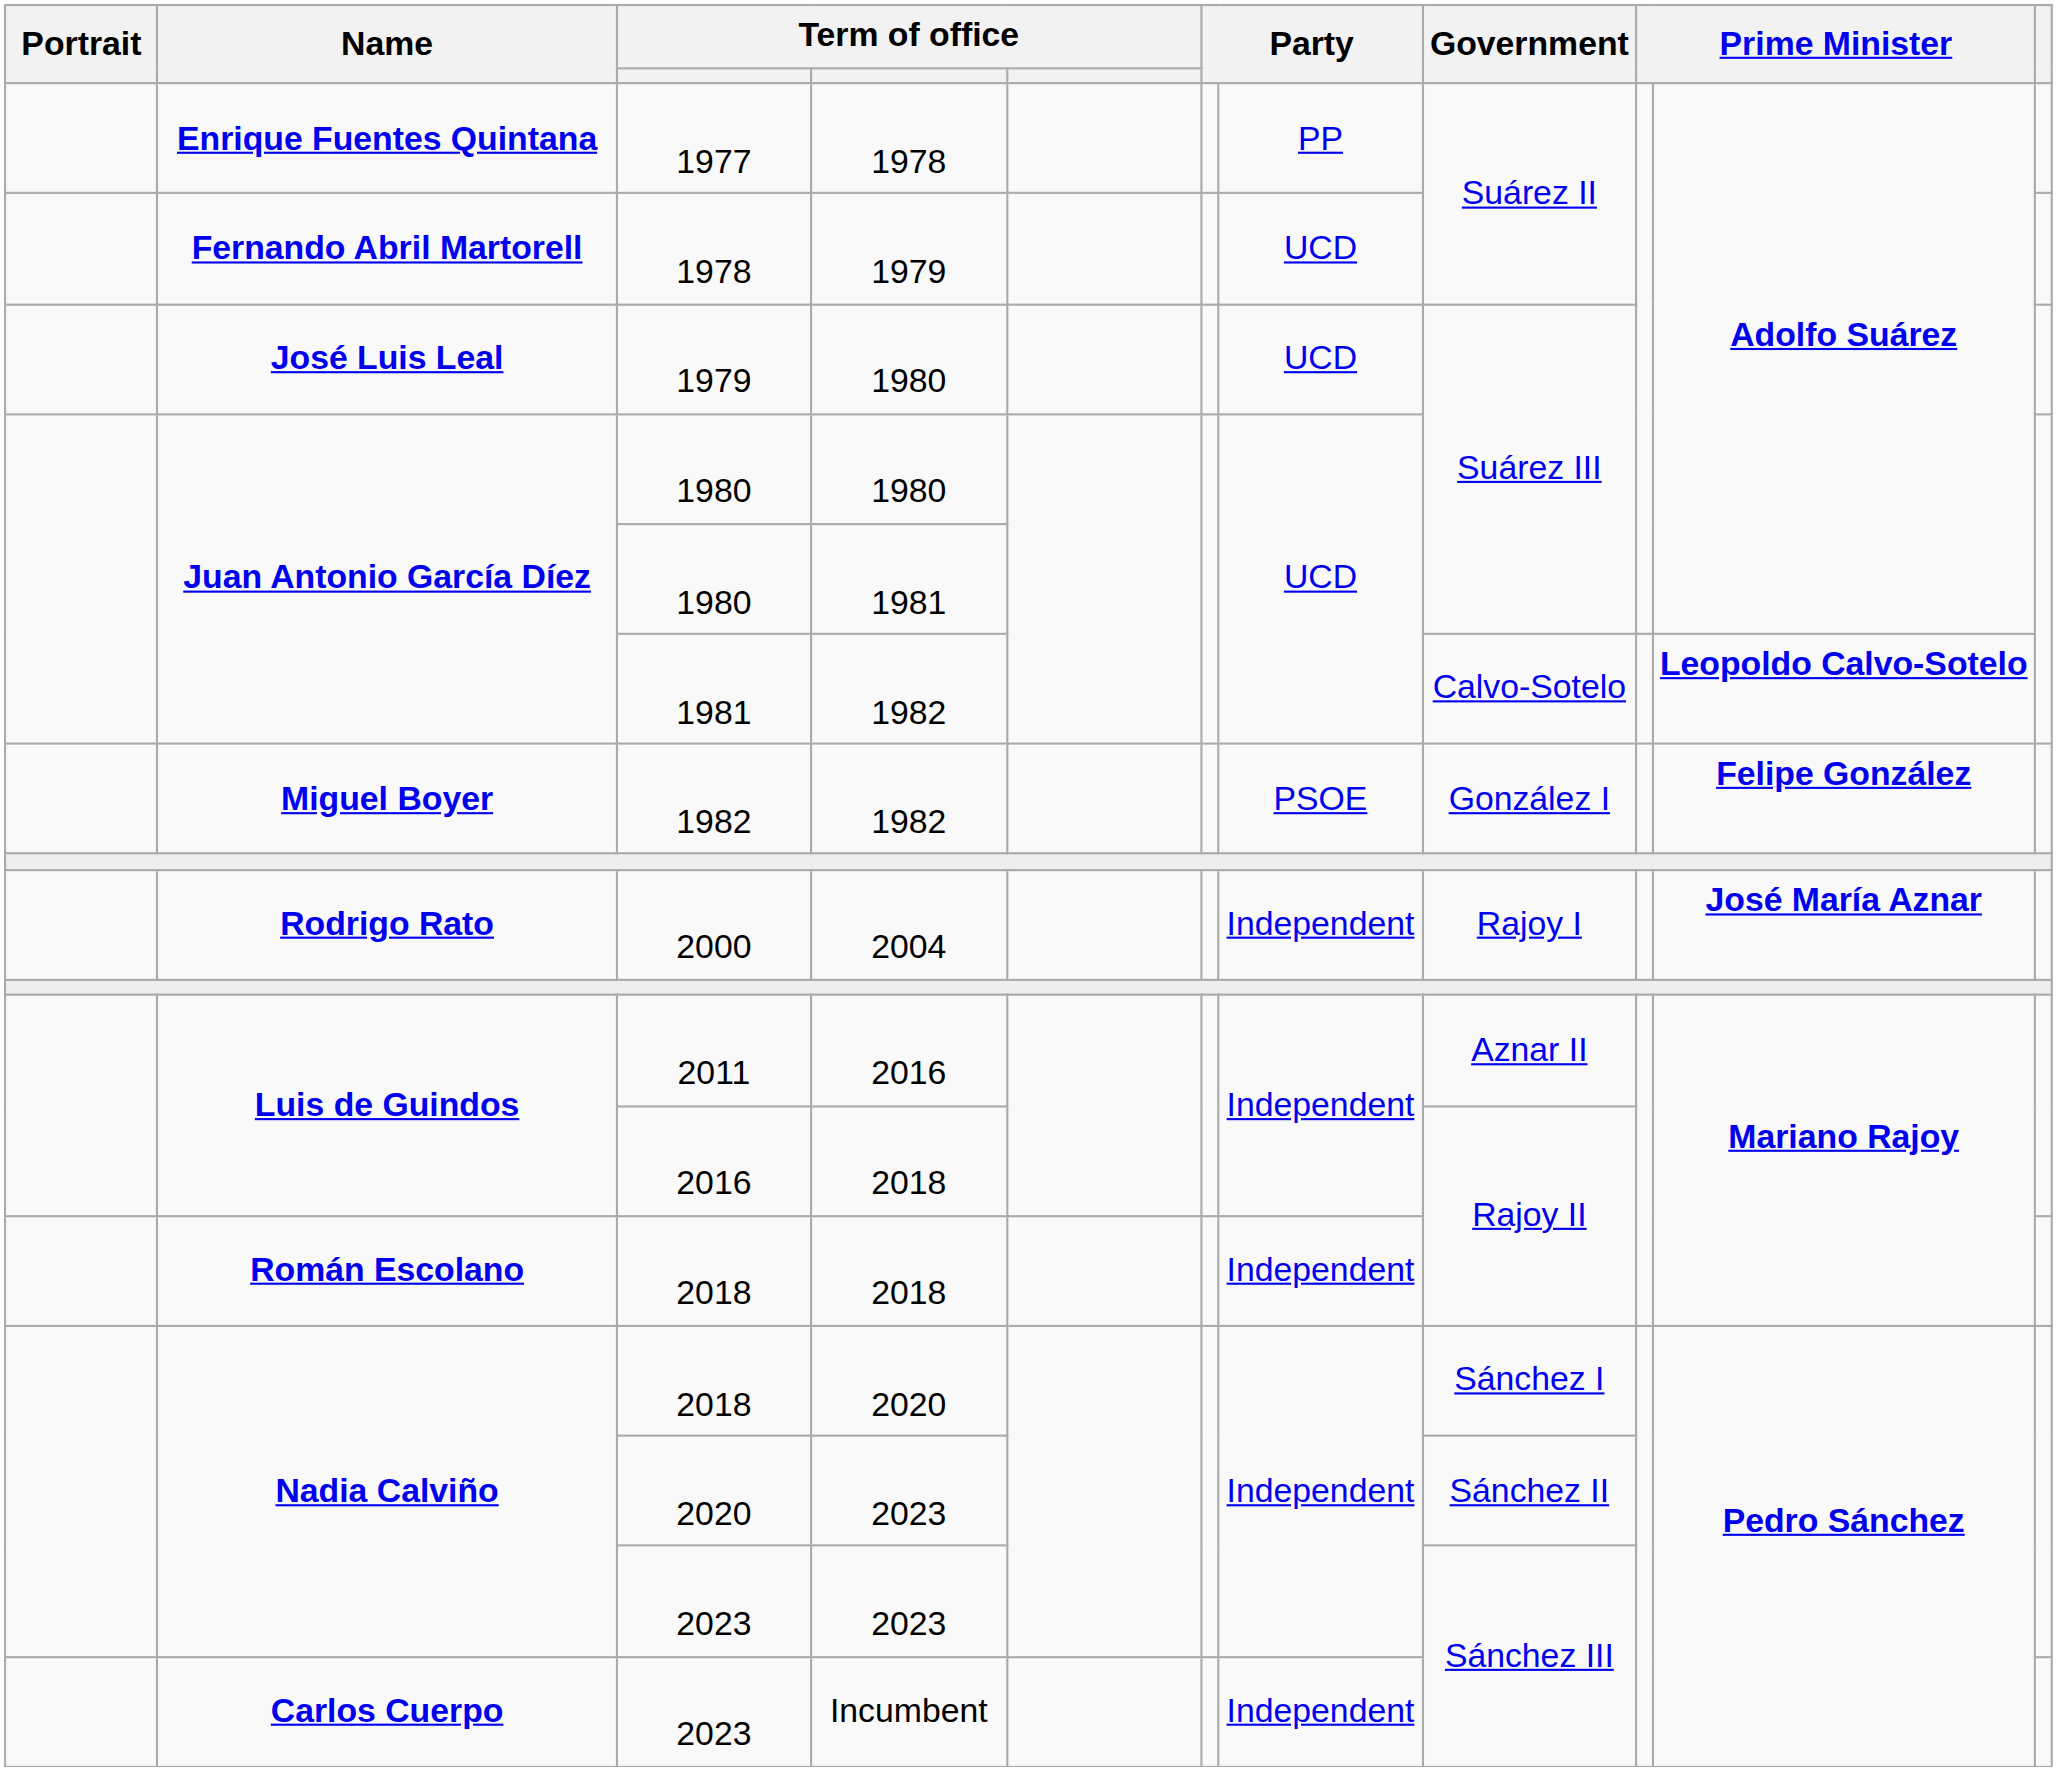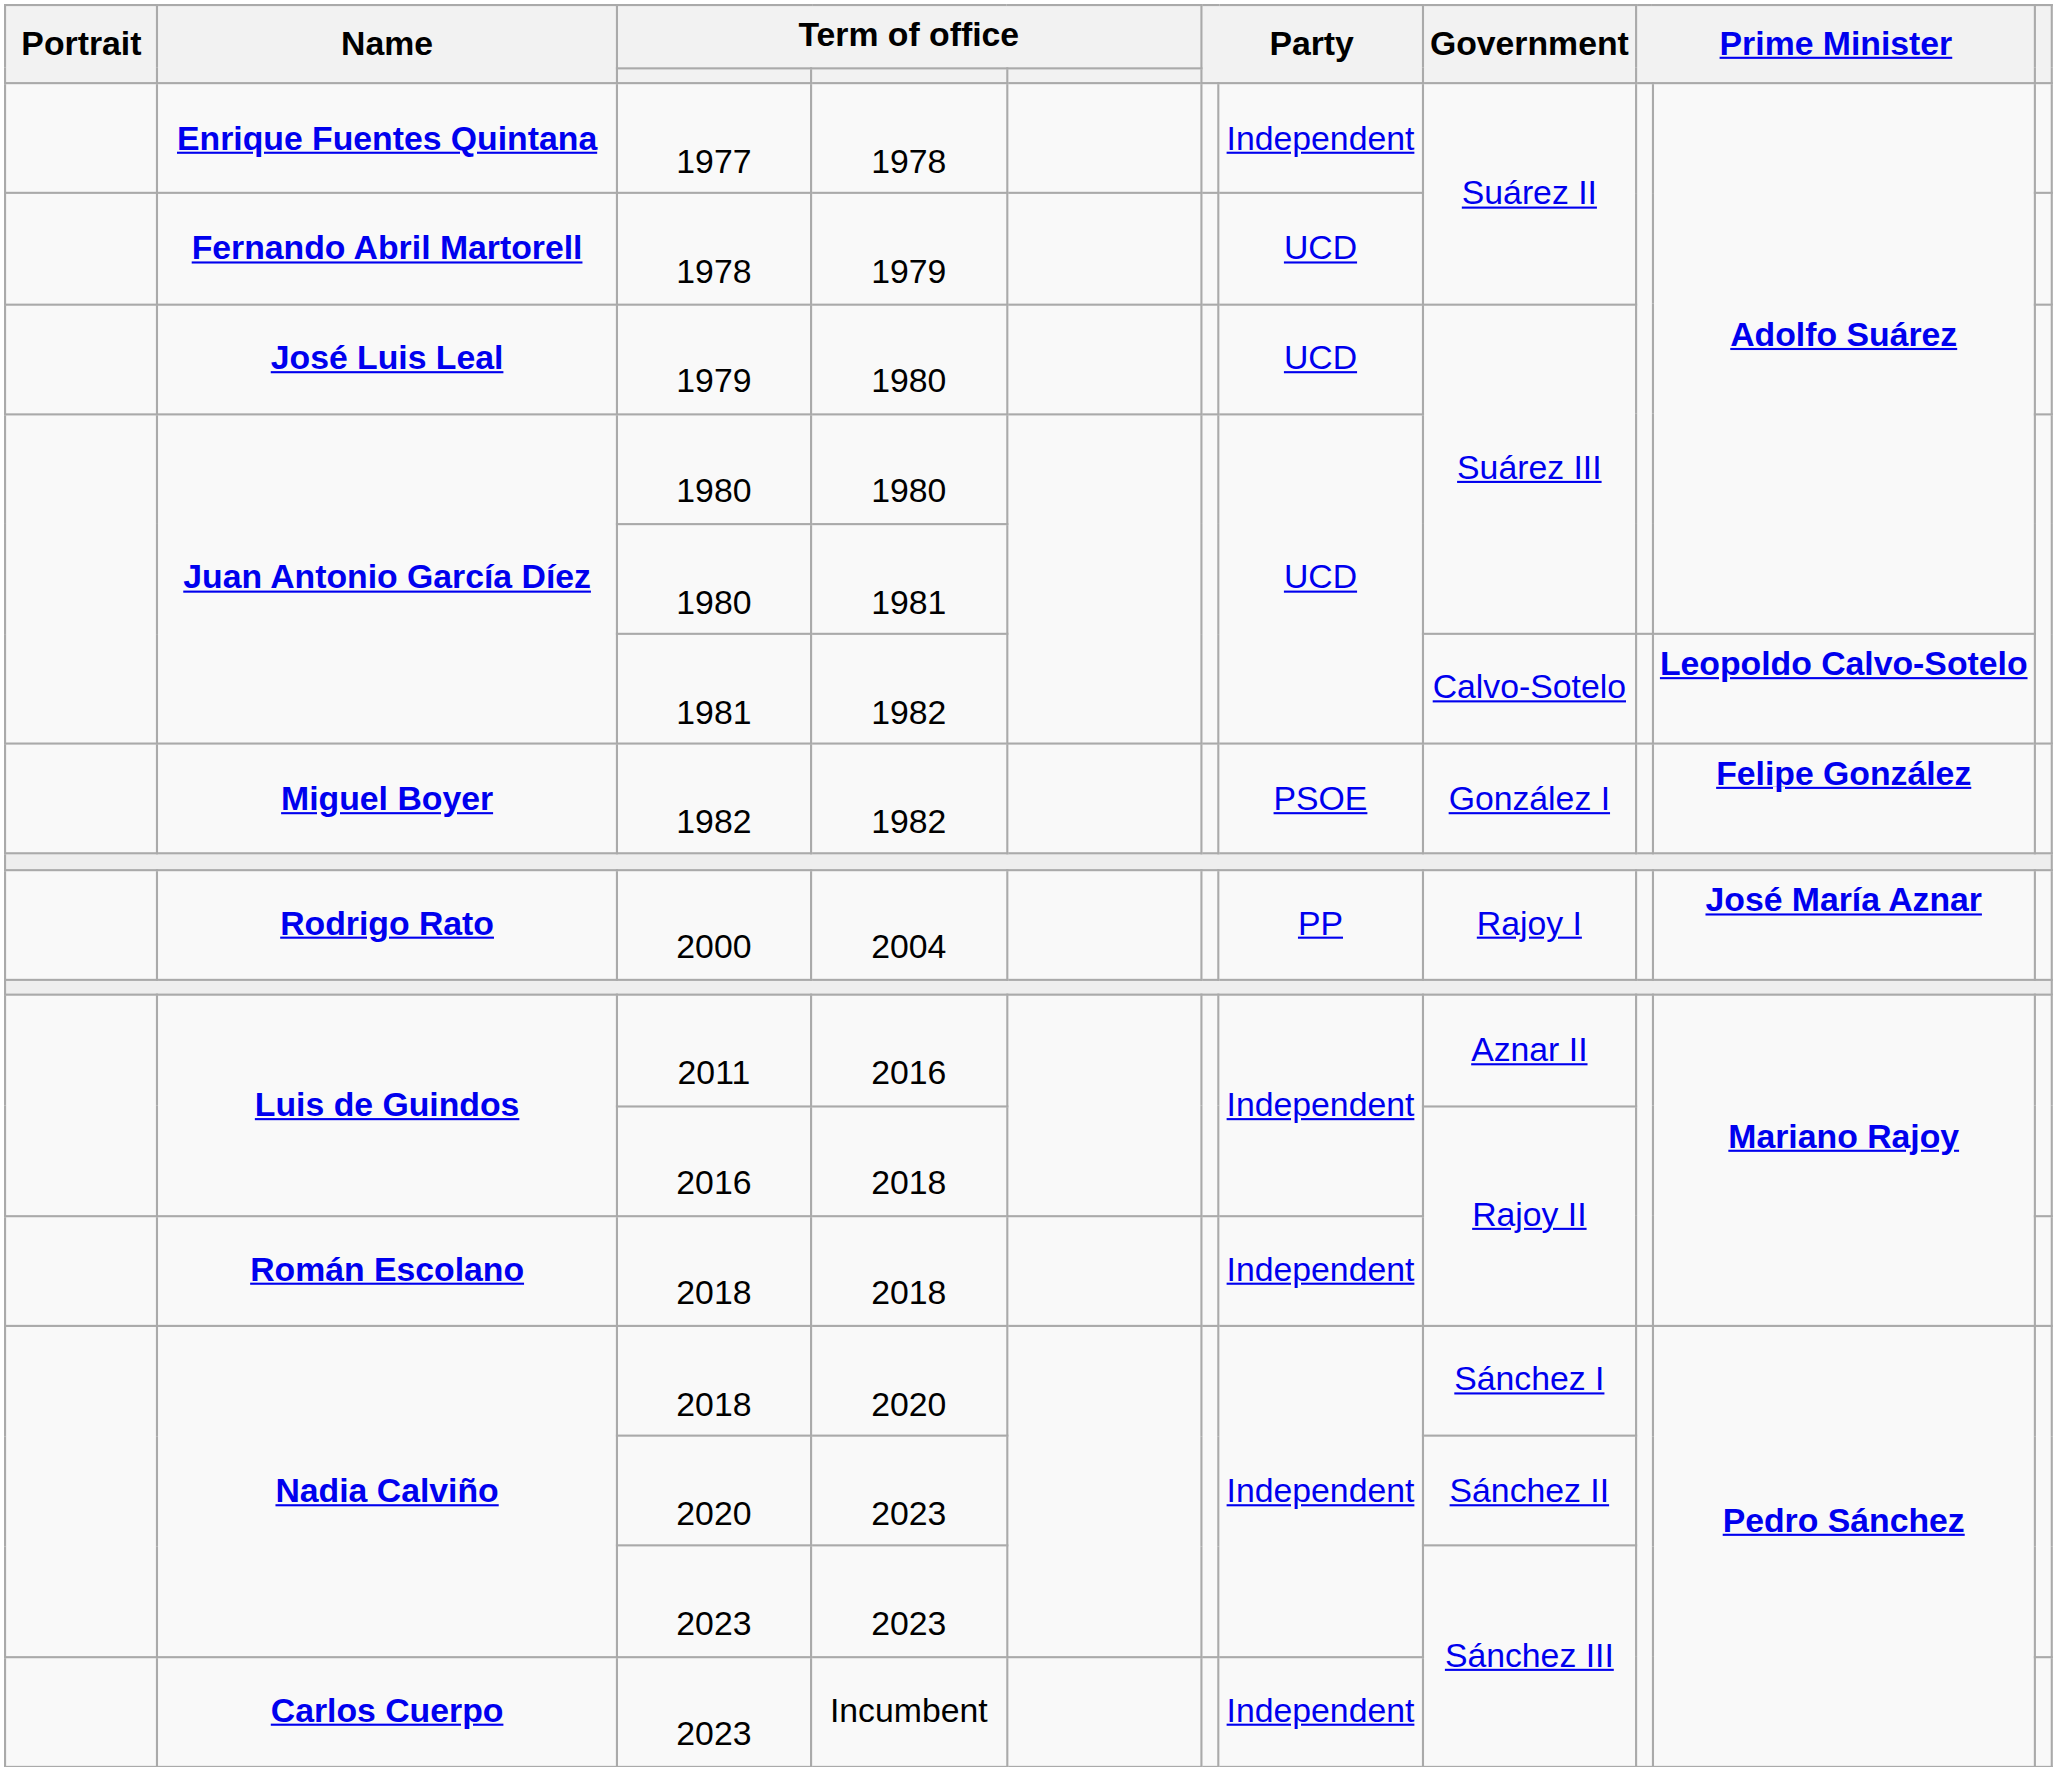 <table class="wikitable" style="line-height:1.4em; text-align:center; border:1px #aaf solid;">
 <tr>
 <th rowspan="2" width="65">Portrait</th>
 <th rowspan="2" width="210">Name<br></th>
 <th colspan="3">Term of office</th>
 <th rowspan="2" colspan="2" width="90">Party</th>
 <th rowspan="2">Government</th>
 <th rowspan="2" colspan="2"><a href='#'>Prime Minister</a><br></th>
 <th rowspan="2"></th>
 </tr>
 <tr>
 <th width="85"></th>
 <th width="85"></th>
 <th width="85"></th>
 </tr>
 <tr>
 <td></td>
 <td><strong><a href='#'>Enrique Fuentes Quintana</a></strong><br></td>
 <td class="nowrap"><br>1977</td>
 <td class="nowrap"><br>1978</td>
 <td style="font-size:95%;"></td>
 <td width="1" style="color:inherit;background:"></td>
-<td><a href='#'>PP</a></td>
+<td><a href='#'>Independent</a></td>
 <td rowspan="2"><a href='#'>Suárez II</a></td>
 <td rowspan="5" style="color:inherit;background:"></td>
 <td rowspan="5"><strong><a href='#'>Adolfo Suárez</a></strong><br><br></td>
 <td align="center"><br></td>
 </tr>
 <tr>
 <td></td>
 <td><strong><a href='#'>Fernando Abril Martorell</a></strong><br></td>
 <td class="nowrap"><br>1978</td>
 <td class="nowrap"><br>1979</td>
 <td style="font-size:95%;"></td>
 <td style="color:inherit;background:"></td>
 <td><a href='#'>UCD</a></td>
 <td align="center"><br></td>
 </tr>
 <tr>
 <td></td>
 <td><strong><a href='#'>José Luis Leal</a></strong><br></td>
 <td class="nowrap"><br>1979</td>
 <td class="nowrap"><br>1980</td>
 <td style="font-size:95%;"></td>
 <td style="color:inherit;background:"></td>
 <td><a href='#'>UCD</a></td>
 <td rowspan="3"><a href='#'>Suárez III</a></td>
 <td align="center"><br></td>
 </tr>
 <tr>
 <td rowspan="3"></td>
 <td rowspan="3"><strong><a href='#'>Juan Antonio García Díez</a></strong><br></td>
 <td class="nowrap"><br>1980</td>
 <td class="nowrap"><br>1980</td>
 <td rowspan="3" style="font-size:95%;"></td>
 <td rowspan="3" style="color:inherit;background:"></td>
 <td rowspan="3"><a href='#'>UCD</a></td>
 <td rowspan="3" align="center"><br><br><br></td>
 </tr>
 <tr>
 <td class="nowrap"><br>1980</td>
 <td class="nowrap"><br>1981</td>
 </tr>
 <tr>
 <td class="nowrap"><br>1981</td>
 <td class="nowrap"><br>1982</td>
 <td><a href='#'>Calvo-Sotelo</a></td>
 <td style="color:inherit;background:"></td>
 <td><strong><a href='#'>Leopoldo Calvo-Sotelo</a></strong><br><br></td>
 </tr>
 <tr>
 <td></td>
 <td><strong><a href='#'>Miguel Boyer</a></strong><br></td>
 <td class="nowrap"><br>1982</td>
 <td class="nowrap"><br>1982</td>
 <td style="font-size:95%;"></td>
 <td style="color:inherit;background:"></td>
 <td><a href='#'>PSOE</a></td>
 <td><a href='#'>González I</a></td>
 <td style="color:inherit;background:"></td>
 <td><strong><a href='#'>Felipe González</a></strong><br><br></td>
 <td align="center"><br></td>
 </tr>
 <tr>
 <td colspan="11" style="background:#EEEEEE;"></td>
 </tr>
 <tr>
 <td></td>
 <td><strong><a href='#'>Rodrigo Rato</a></strong><br></td>
 <td class="nowrap"><br>2000</td>
 <td class="nowrap"><br>2004</td>
 <td style="font-size:95%;"></td>
 <td style="color:inherit;background:"></td>
-<td><a href='#'>Independent</a></td>
+<td><a href='#'>PP</a></td>
 <td><a href='#'>Rajoy I</a></td>
 <td style="color:inherit;background:"></td>
 <td><strong><a href='#'>José María Aznar</a></strong><br><br></td>
 <td align="center"><br></td>
 </tr>
 <tr>
 <td colspan="11" style="background:#EEEEEE;"></td>
 </tr>
 <tr>
 <td rowspan="2"></td>
 <td rowspan="2"><strong><a href='#'>Luis de Guindos</a></strong><br></td>
 <td class="nowrap"><br>2011</td>
 <td class="nowrap"><br>2016</td>
 <td rowspan="2" style="font-size:95%;"></td>
 <td rowspan="2" style="color:inherit;background:"></td>
 <td rowspan="2"><a href='#'>Independent</a></td>
 <td><a href='#'>Aznar II</a></td>
 <td rowspan="3" style="color:inherit;background:"></td>
 <td rowspan="3"><strong><a href='#'>Mariano Rajoy</a></strong><br><br></td>
 <td rowspan="2" align="center"><br><br></td>
 </tr>
 <tr>
 <td class="nowrap"><br>2016</td>
 <td class="nowrap"><br>2018</td>
 <td rowspan="2"><a href='#'>Rajoy II</a></td>
 </tr>
 <tr>
 <td></td>
 <td><strong><a href='#'>Román Escolano</a></strong><br></td>
 <td class="nowrap"><br>2018</td>
 <td class="nowrap"><br>2018</td>
 <td style="font-size:95%;"></td>
 <td style="color:inherit;background:"></td>
 <td><a href='#'>Independent</a></td>
 <td align="center"><br></td>
 </tr>
 <tr>
 <td rowspan="3"></td>
 <td rowspan="3"><strong><a href='#'>Nadia Calviño</a></strong><br></td>
 <td class="nowrap"><br>2018</td>
 <td class="nowrap"><br>2020</td>
 <td rowspan="3" style="font-size:95%;"></td>
 <td rowspan="3" style="color:inherit;background:"></td>
 <td rowspan="3"><a href='#'>Independent</a></td>
 <td><a href='#'>Sánchez I</a></td>
 <td rowspan="4" style="color:inherit;background:"></td>
 <td rowspan="4"><strong><a href='#'>Pedro Sánchez</a></strong><br><br></td>
 <td rowspan="3" align="center"><br><br><br></td>
 </tr>
 <tr>
 <td class="nowrap"><br>2020</td>
 <td class="nowrap"><br>2023</td>
 <td><a href='#'>Sánchez II</a></td>
 </tr>
 <tr>
 <td class="nowrap"><br>2023</td>
 <td class="nowrap"><br>2023</td>
 <td rowspan="2"><a href='#'>Sánchez III</a></td>
 </tr>
 <tr>
 <td></td>
 <td><strong><a href='#'>Carlos Cuerpo</a></strong><br></td>
 <td class="nowrap"><br>2023</td>
 <td class="nowrap">Incumbent</td>
 <td style="font-size:95%;"></td>
 <td style="color:inherit;background:"></td>
 <td><a href='#'>Independent</a></td>
 <td align="center"></td>
 </tr>
 </table>
